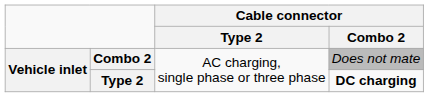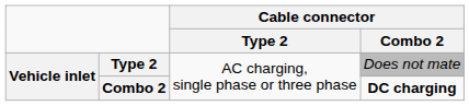 <table class="wikitable" style="text-align:center;font-size:100%;float:right;">
 <tr>
 <td rowspan=2 colspan=2> </td>
 <th colspan=2>Cable connector</th>
 </tr>
 <tr>
 <th>Type 2</th>
 <th>Combo 2</th>
 </tr>
 <tr>
 <th rowspan=2>Vehicle inlet</th>
-<th>Combo 2</th>
+<th>Type 2</th>
 <td rowspan=2>AC charging,<br>single phase or three phase</td>
 <td style="background:#bbb;"><em>Does not mate</em></td>
 </tr>
 <tr>
-<th>Type 2</th>
+<th>Combo 2</th>
 <td><strong>DC charging</strong></td>
 </tr>
 </table>
